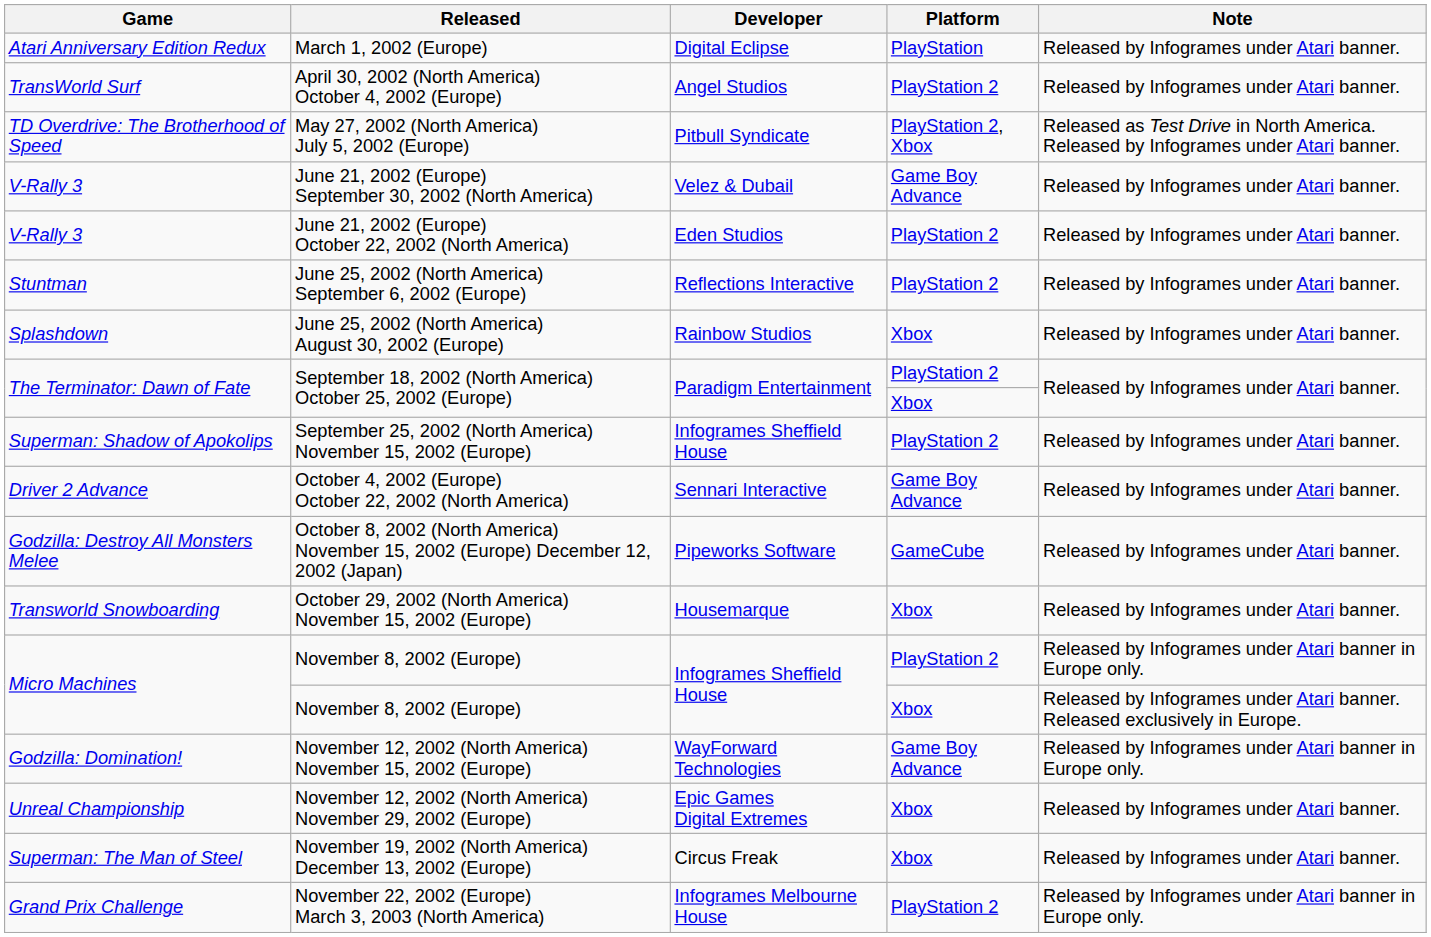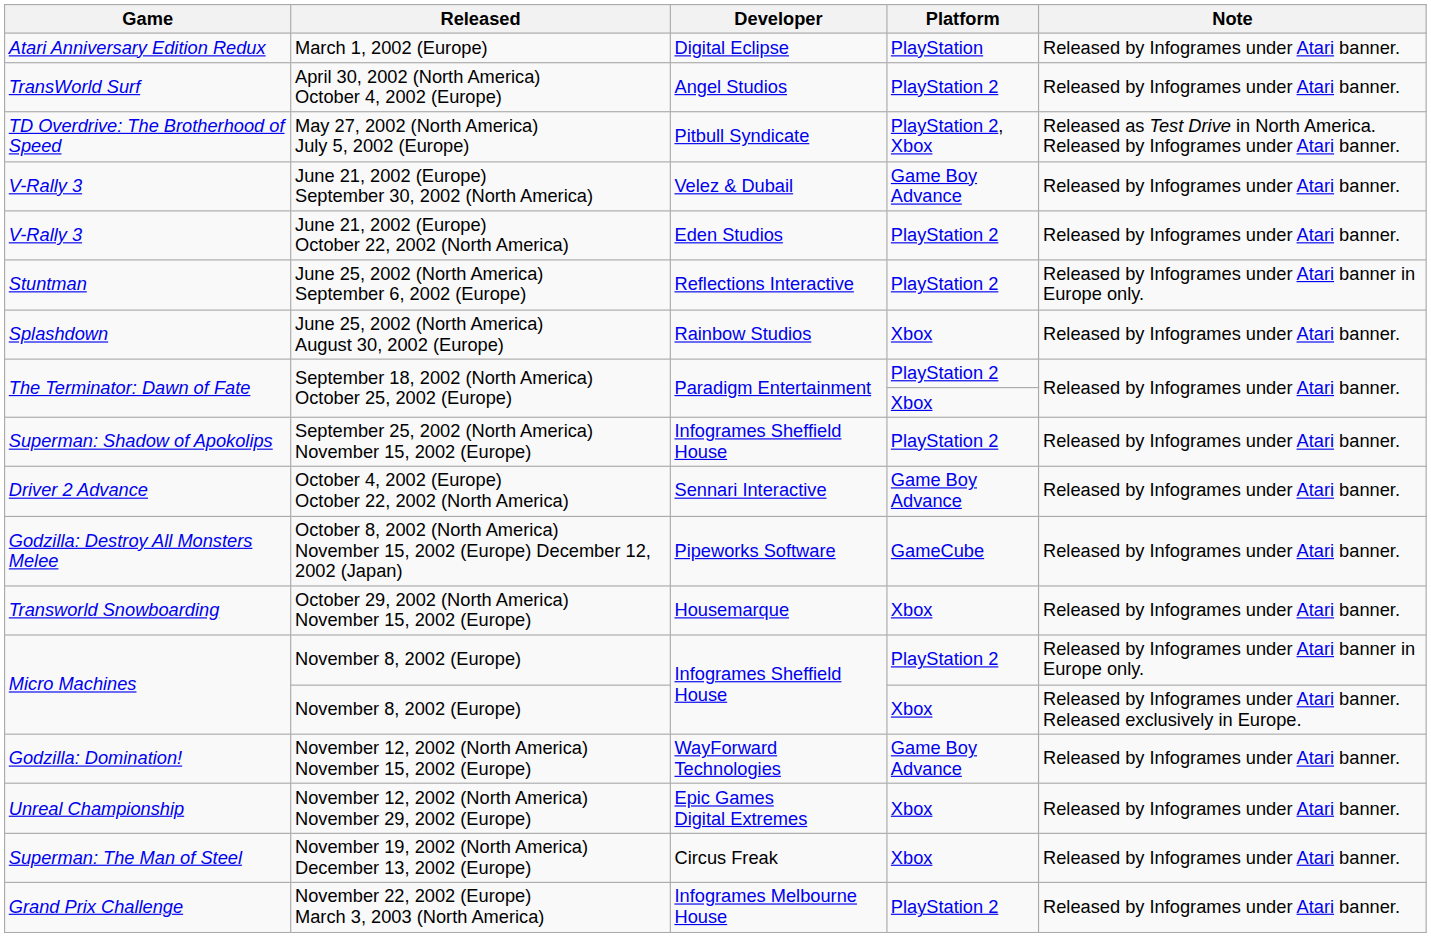 <table class="wikitable sortable">
 <tr>
 <th>Game</th>
 <th>Released</th>
 <th>Developer</th>
 <th>Platform</th>
 <th>Note</th>
 </tr>
 <tr>
 <td><em><a href='#'>Atari Anniversary Edition Redux</a></em></td>
 <td>March 1, 2002 (Europe)</td>
 <td><a href='#'>Digital Eclipse</a></td>
 <td><a href='#'>PlayStation</a></td>
 <td>Released by Infogrames under <a href='#'>Atari</a> banner.</td>
 </tr>
 <tr>
 <td><em><a href='#'>TransWorld Surf</a></em></td>
 <td>April 30, 2002 (North America)<br>October 4, 2002 (Europe)</td>
 <td><a href='#'>Angel Studios</a></td>
 <td><a href='#'>PlayStation 2</a></td>
 <td>Released by Infogrames under <a href='#'>Atari</a> banner.</td>
 </tr>
 <tr>
 <td><em><a href='#'>TD Overdrive: The Brotherhood of Speed</a></em></td>
 <td>May 27, 2002 (North America)<br>July 5, 2002 (Europe)</td>
 <td><a href='#'>Pitbull Syndicate</a></td>
 <td><a href='#'>PlayStation 2</a>, <a href='#'>Xbox</a></td>
 <td>Released as <em>Test Drive</em> in North America.<br>Released by Infogrames under <a href='#'>Atari</a> banner.</td>
 </tr>
 <tr>
 <td><em><a href='#'>V-Rally 3</a></em></td>
 <td>June 21, 2002 (Europe)<br>September 30, 2002 (North America)</td>
 <td><a href='#'>Velez & Dubail</a></td>
 <td><a href='#'>Game Boy Advance</a></td>
 <td>Released by Infogrames under <a href='#'>Atari</a> banner.</td>
 </tr>
 <tr>
 <td><em><a href='#'>V-Rally 3</a></em></td>
 <td>June 21, 2002 (Europe)<br>October 22, 2002 (North America)</td>
 <td><a href='#'>Eden Studios</a></td>
 <td><a href='#'>PlayStation 2</a></td>
 <td>Released by Infogrames under <a href='#'>Atari</a> banner.</td>
 </tr>
 <tr>
 <td><em><a href='#'>Stuntman</a></em></td>
 <td>June 25, 2002 (North America)<br>September 6, 2002 (Europe)</td>
 <td><a href='#'>Reflections Interactive</a></td>
 <td><a href='#'>PlayStation 2</a></td>
-<td>Released by Infogrames under <a href='#'>Atari</a> banner.</td>
+<td>Released by Infogrames under <a href='#'>Atari</a> banner in Europe only.</td>
 </tr>
 <tr>
 <td><em><a href='#'>Splashdown</a></em></td>
 <td>June 25, 2002 (North America)<br>August 30, 2002 (Europe)</td>
 <td><a href='#'>Rainbow Studios</a></td>
 <td><a href='#'>Xbox</a></td>
 <td>Released by Infogrames under <a href='#'>Atari</a> banner.</td>
 </tr>
 <tr>
 <td rowspan="2"><em><a href='#'>The Terminator: Dawn of Fate</a></em></td>
 <td rowspan="2">September 18, 2002 (North America)<br>October 25, 2002 (Europe)</td>
 <td rowspan="2"><a href='#'>Paradigm Entertainment</a></td>
 <td><a href='#'>PlayStation 2</a></td>
 <td rowspan="2">Released by Infogrames under <a href='#'>Atari</a> banner.</td>
 </tr>
 <tr>
 <td><a href='#'>Xbox</a></td>
 </tr>
 <tr>
 <td><em><a href='#'>Superman: Shadow of Apokolips</a></em></td>
 <td>September 25, 2002 (North America)<br>November 15, 2002 (Europe)</td>
 <td><a href='#'>Infogrames Sheffield House</a></td>
 <td><a href='#'>PlayStation 2</a></td>
 <td>Released by Infogrames under <a href='#'>Atari</a> banner.</td>
 </tr>
 <tr>
 <td><em><a href='#'>Driver 2 Advance</a></em></td>
 <td>October 4, 2002 (Europe)<br>October 22, 2002 (North America)</td>
 <td><a href='#'>Sennari Interactive</a></td>
 <td><a href='#'>Game Boy Advance</a></td>
 <td>Released by Infogrames under <a href='#'>Atari</a> banner.</td>
 </tr>
 <tr>
 <td><em><a href='#'>Godzilla: Destroy All Monsters Melee</a></em></td>
 <td>October 8, 2002 (North America)<br>November 15, 2002 (Europe) December 12, 2002 (Japan)</td>
 <td><a href='#'>Pipeworks Software</a></td>
 <td><a href='#'>GameCube</a></td>
 <td>Released by Infogrames under <a href='#'>Atari</a> banner.</td>
 </tr>
 <tr>
 <td><em><a href='#'>Transworld Snowboarding</a></em></td>
 <td>October 29, 2002 (North America)<br>November 15, 2002 (Europe)</td>
 <td><a href='#'>Housemarque</a></td>
 <td><a href='#'>Xbox</a></td>
 <td>Released by Infogrames under <a href='#'>Atari</a> banner.</td>
 </tr>
 <tr>
 <td rowspan="2"><em><a href='#'>Micro Machines</a></em></td>
 <td>November 8, 2002 (Europe)</td>
 <td rowspan="2"><a href='#'>Infogrames Sheffield House</a></td>
 <td><a href='#'>PlayStation 2</a></td>
 <td>Released by Infogrames under <a href='#'>Atari</a> banner in Europe only.</td>
 </tr>
 <tr>
 <td>November 8, 2002 (Europe)</td>
 <td><a href='#'>Xbox</a></td>
 <td>Released by Infogrames under <a href='#'>Atari</a> banner.<br>Released exclusively in Europe.</td>
 </tr>
 <tr>
 <td><em><a href='#'>Godzilla: Domination!</a></em></td>
 <td>November 12, 2002 (North America)<br>November 15, 2002 (Europe)</td>
 <td><a href='#'>WayForward Technologies</a></td>
 <td><a href='#'>Game Boy Advance</a></td>
-<td>Released by Infogrames under <a href='#'>Atari</a> banner in Europe only.</td>
+<td>Released by Infogrames under <a href='#'>Atari</a> banner.</td>
 </tr>
 <tr>
 <td><em><a href='#'>Unreal Championship</a></em></td>
 <td>November 12, 2002 (North America)<br>November 29, 2002 (Europe)</td>
 <td><a href='#'>Epic Games</a><br><a href='#'>Digital Extremes</a></td>
 <td><a href='#'>Xbox</a></td>
 <td>Released by Infogrames under <a href='#'>Atari</a> banner.</td>
 </tr>
 <tr>
 <td><em><a href='#'>Superman: The Man of Steel</a></em></td>
 <td>November 19, 2002 (North America)<br>December 13, 2002 (Europe)</td>
 <td>Circus Freak</td>
 <td><a href='#'>Xbox</a></td>
 <td>Released by Infogrames under <a href='#'>Atari</a> banner.</td>
 </tr>
 <tr>
 <td><em><a href='#'>Grand Prix Challenge</a></em></td>
 <td>November 22, 2002 (Europe)<br>March 3, 2003 (North America)</td>
 <td><a href='#'>Infogrames Melbourne House</a></td>
 <td><a href='#'>PlayStation 2</a></td>
-<td>Released by Infogrames under <a href='#'>Atari</a> banner in Europe only.</td>
+<td>Released by Infogrames under <a href='#'>Atari</a> banner.</td>
 </tr>
 </table>
